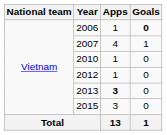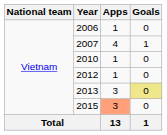 <table class="wikitable" style="text-align: center;">
 <tr>
 <th>National team</th>
 <th>Year</th>
 <th>Apps</th>
 <th>Goals</th>
 </tr>
 <tr>
 <td rowspan=6><a href='#'>Vietnam</a></td>
 <td>2006</td>
 <td>1</td>
-<td><strong>0</strong></td>
+<td>0</td>
 </tr>
 <tr>
 <td>2007</td>
 <td>4</td>
 <td>1</td>
 </tr>
 <tr>
 <td>2010</td>
 <td>1</td>
 <td>0</td>
 </tr>
 <tr>
 <td>2012</td>
 <td>1</td>
 <td>0</td>
 </tr>
 <tr>
 <td>2013</td>
-<td><strong>3</strong></td>
-<td>0</td>
+<td>3</td>
+<td style="background: khaki;">0</td>
 </tr>
 <tr>
 <td>2015</td>
-<td>3</td>
+<td style="background: lightsalmon;">3</td>
 <td>0</td>
 </tr>
 <tr>
 <th colspan=2>Total</th>
 <th>13</th>
 <th>1</th>
 </tr>
 </table>
